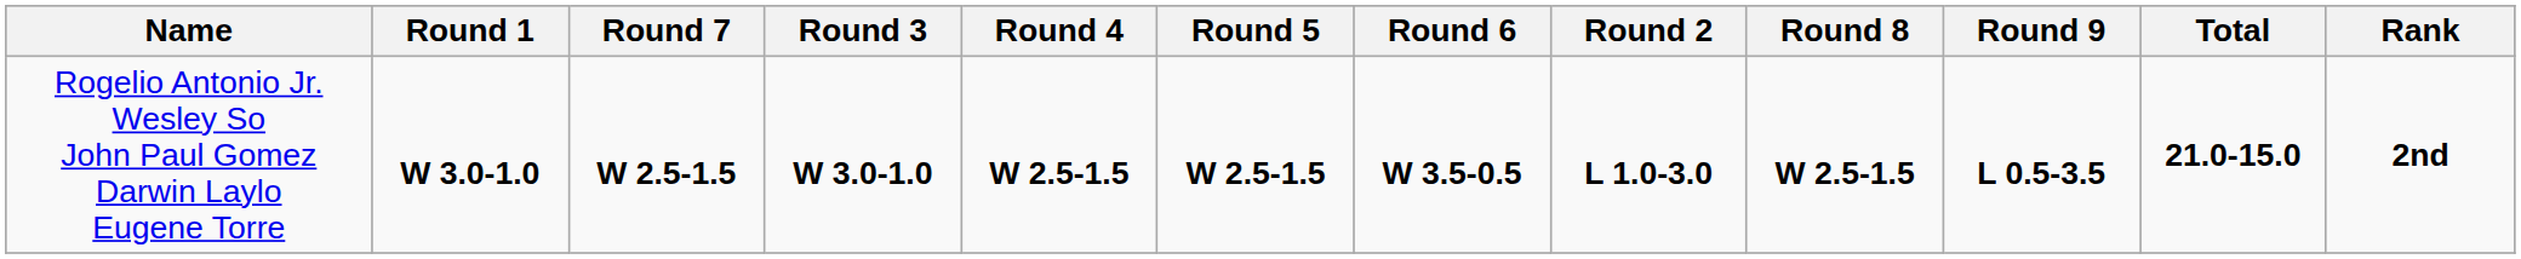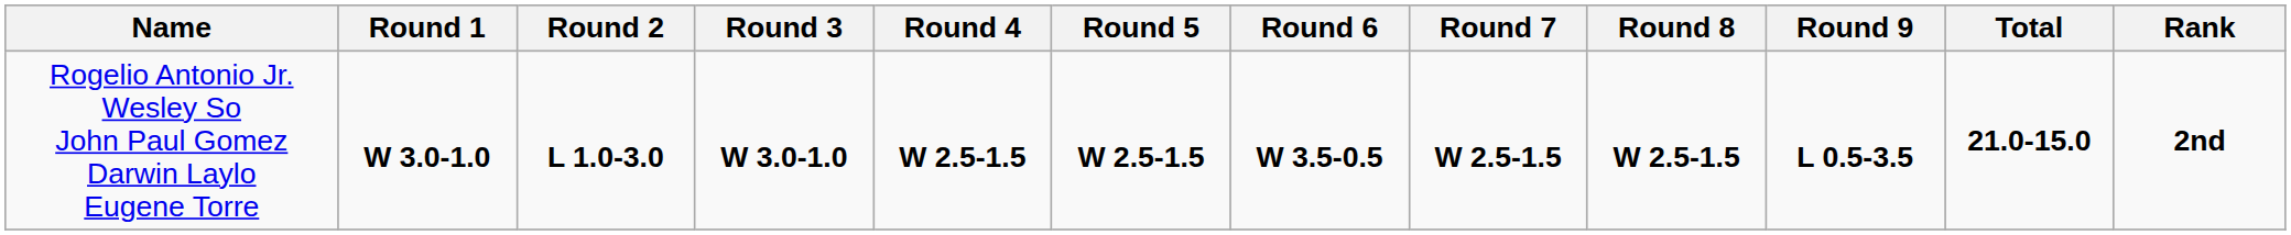 <table class="wikitable" style="text-align:center;">
 <tr>
 <th style="width:15em">Name</th>
 <th style="width:7em">Round 1</th>
-<th style="width:7em">Round 7</th>
+<th style="width:7em">Round 2</th>
 <th style="width:7em">Round 3</th>
 <th style="width:7em">Round 4</th>
 <th style="width:7em">Round 5</th>
 <th style="width:7em">Round 6</th>
-<th style="width:7em">Round 2</th>
+<th style="width:7em">Round 7</th>
 <th style="width:7em">Round 8</th>
 <th style="width:7em">Round 9</th>
 <th style="width:7em">Total</th>
 <th style="width:7em">Rank</th>
 </tr>
 <tr>
 <td align=center><a href='#'>Rogelio Antonio Jr.</a><br><a href='#'>Wesley So</a><br><a href='#'>John Paul Gomez</a><br><a href='#'>Darwin Laylo</a><br><a href='#'>Eugene Torre</a></td>
 <td align=center><br> <strong>W 3.0-1.0</strong></td>
-<td align=center><br> <strong>W 2.5-1.5</strong></td>
+<td align=center><br> <strong>L 1.0-3.0</strong></td>
 <td align=center><br> <strong>W 3.0-1.0</strong></td>
 <td align=center><br> <strong>W 2.5-1.5</strong></td>
 <td align=center><br> <strong>W 2.5-1.5</strong></td>
 <td align=center><br> <strong>W 3.5-0.5</strong></td>
-<td align=center><br> <strong>L 1.0-3.0</strong></td>
+<td align=center><br> <strong>W 2.5-1.5</strong></td>
 <td align=center><br> <strong>W 2.5-1.5</strong></td>
 <td align=center><br> <strong>L 0.5-3.5</strong></td>
 <td align=center><strong>21.0-15.0</strong></td>
 <td align=center><strong>2nd </strong></td>
 </tr>
 </table>
